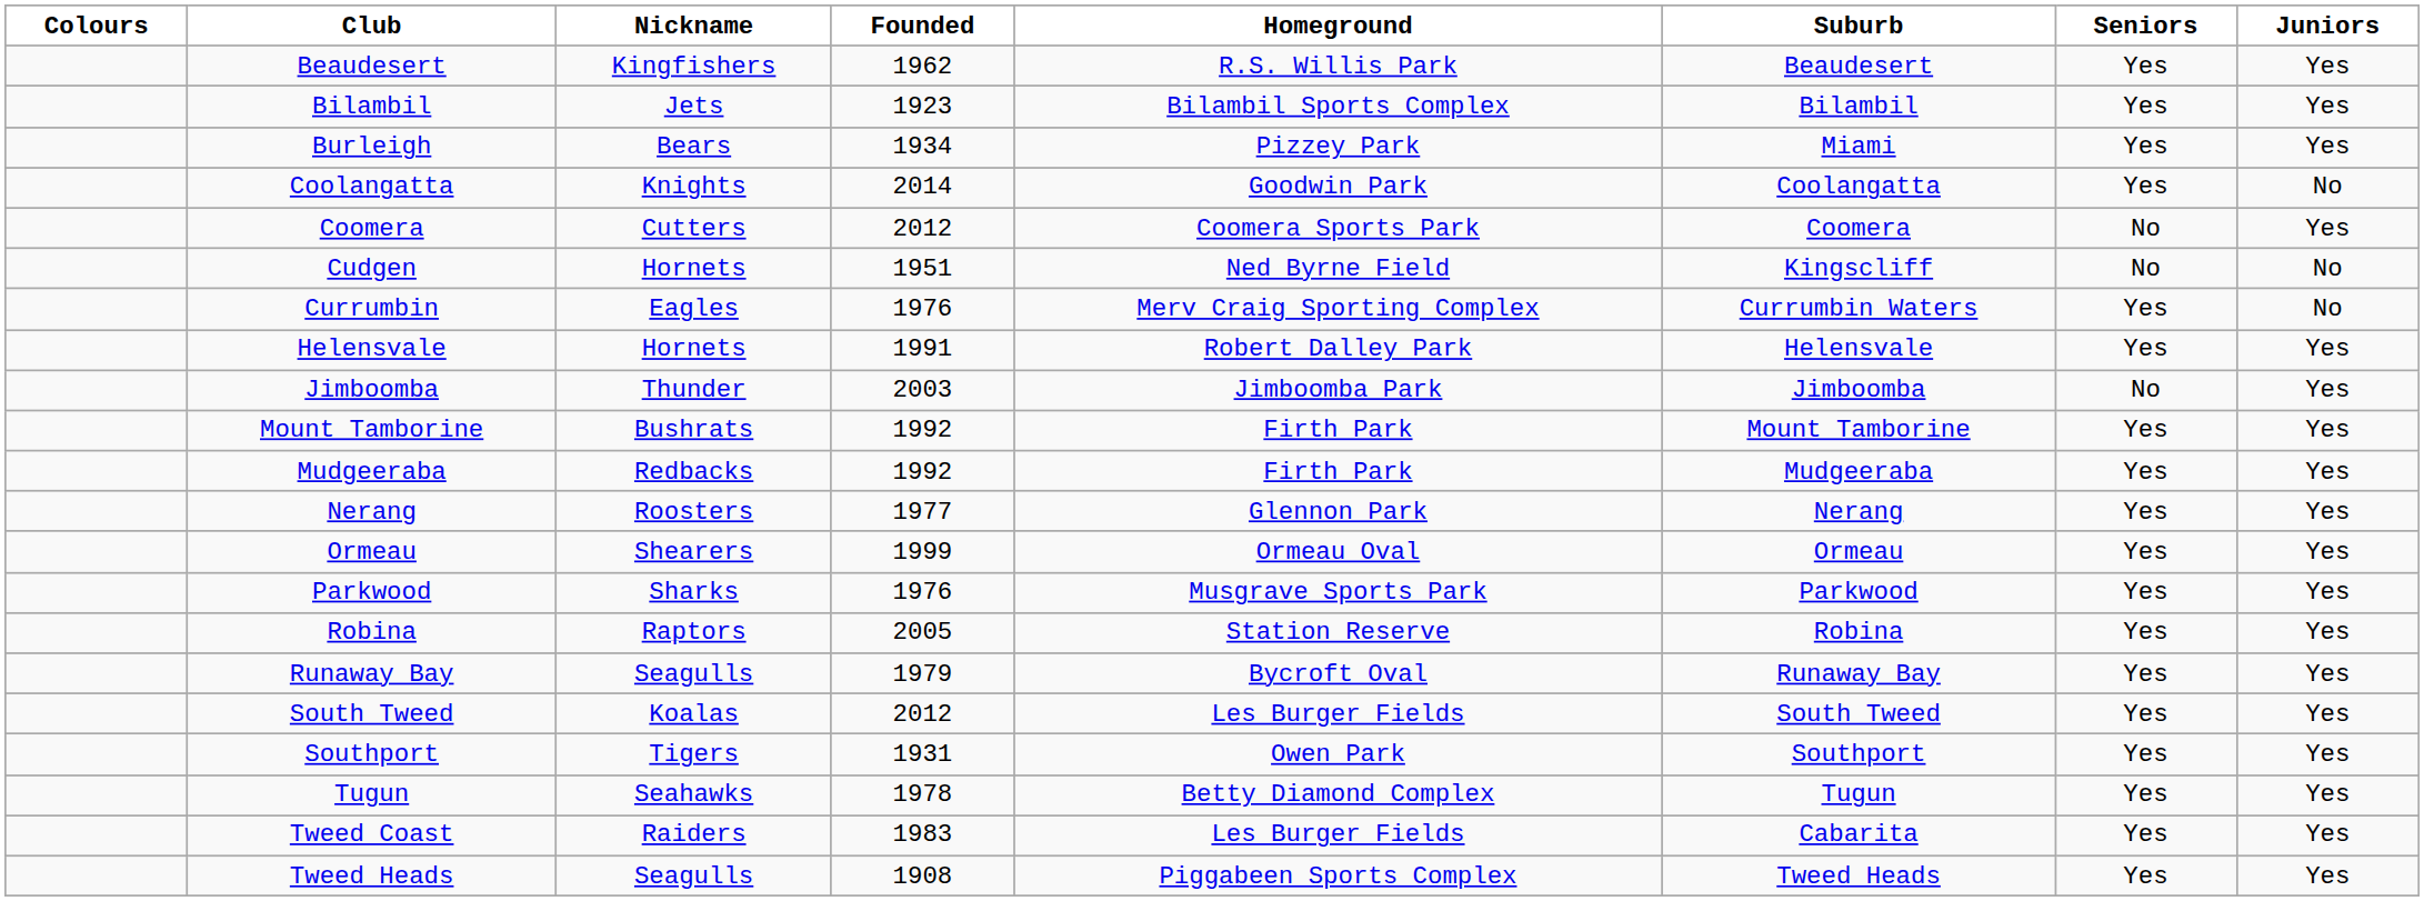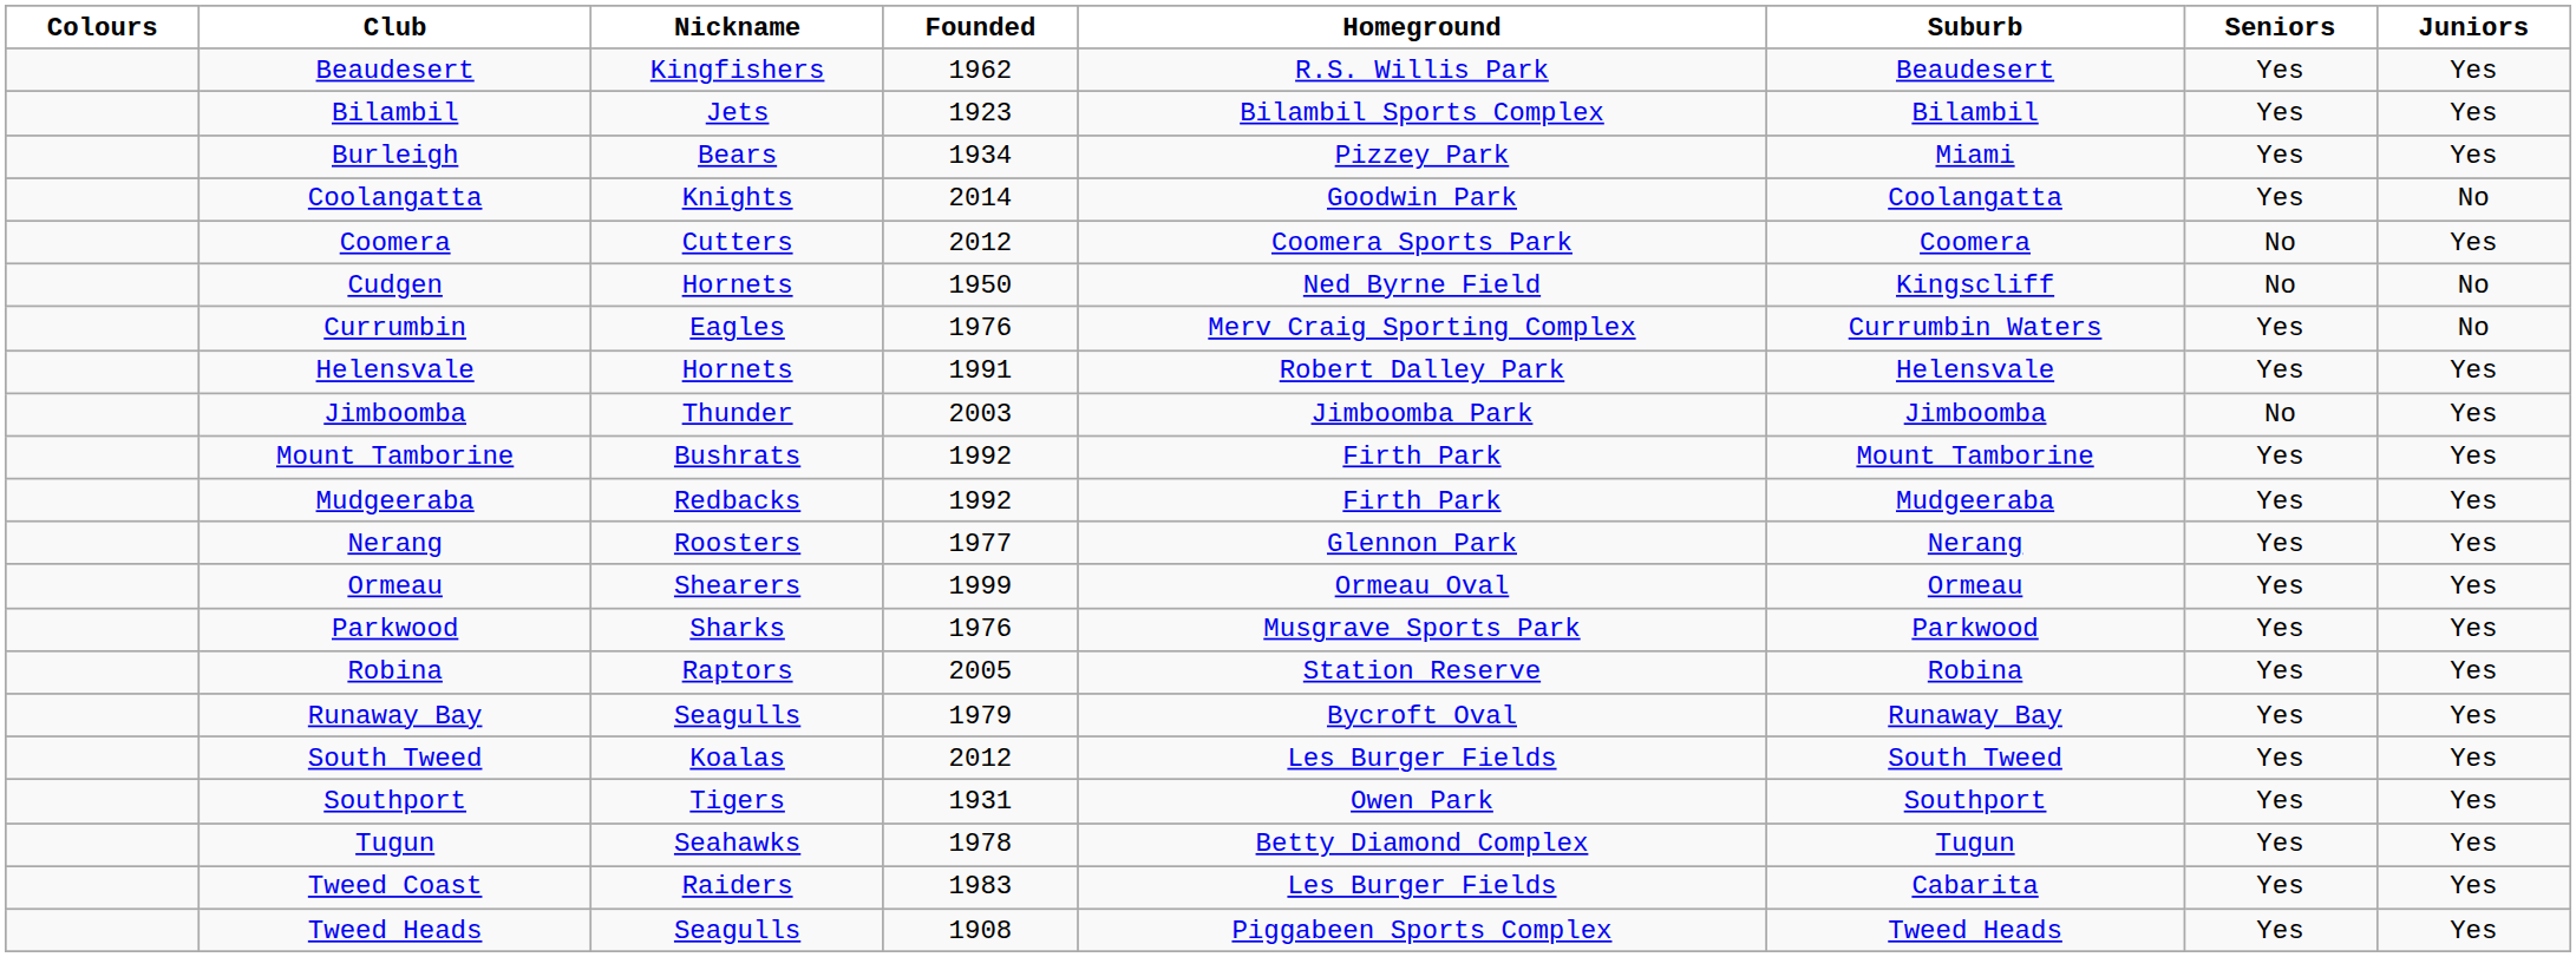 <table class="wikitable" style="width:100%; text-align:center">
 <tr>
 <th style="background:white;">Colours</th>
 <th style="background:white;">Club</th>
 <th style="background:white;">Nickname</th>
 <th style="background:white;">Founded</th>
 <th style="background:white;">Homeground</th>
 <th style="background:white;">Suburb</th>
 <th style="background:white;">Seniors</th>
 <th style="background:white;">Juniors</th>
 </tr>
 <tr>
 <td align=left></td>
 <td><a href='#'>Beaudesert</a></td>
 <td><a href='#'>Kingfishers</a></td>
 <td>1962</td>
 <td><a href='#'>R.S. Willis Park</a></td>
 <td><a href='#'>Beaudesert</a></td>
 <td>Yes</td>
 <td>Yes</td>
 </tr>
 <tr>
 <td align=left></td>
 <td><a href='#'>Bilambil</a></td>
 <td><a href='#'>Jets</a></td>
 <td>1923</td>
 <td><a href='#'>Bilambil Sports Complex</a></td>
 <td><a href='#'>Bilambil</a></td>
 <td>Yes</td>
 <td>Yes</td>
 </tr>
 <tr>
 <td align=left></td>
 <td><a href='#'>Burleigh</a></td>
 <td><a href='#'>Bears</a></td>
 <td>1934</td>
 <td><a href='#'>Pizzey Park</a></td>
 <td><a href='#'>Miami</a></td>
 <td>Yes</td>
 <td>Yes</td>
 </tr>
 <tr>
 <td align=left></td>
 <td><a href='#'>Coolangatta</a></td>
 <td><a href='#'>Knights</a></td>
 <td>2014</td>
 <td><a href='#'>Goodwin Park</a></td>
 <td><a href='#'>Coolangatta</a></td>
 <td>Yes</td>
 <td>No</td>
 </tr>
 <tr>
 <td align=left></td>
 <td><a href='#'>Coomera</a></td>
 <td><a href='#'>Cutters</a></td>
 <td>2012</td>
 <td><a href='#'>Coomera Sports Park</a></td>
 <td><a href='#'>Coomera</a></td>
 <td>No</td>
 <td>Yes</td>
 </tr>
 <tr>
 <td align=left></td>
 <td><a href='#'>Cudgen</a></td>
 <td><a href='#'>Hornets</a></td>
-<td>1951</td>
+<td>1950</td>
 <td><a href='#'>Ned Byrne Field</a></td>
 <td><a href='#'>Kingscliff</a></td>
 <td>No</td>
 <td>No</td>
 </tr>
 <tr>
 <td align=left></td>
 <td><a href='#'>Currumbin</a></td>
 <td><a href='#'>Eagles</a></td>
 <td>1976</td>
 <td><a href='#'>Merv Craig Sporting Complex</a></td>
 <td><a href='#'>Currumbin Waters</a></td>
 <td>Yes</td>
 <td>No</td>
 </tr>
 <tr>
 <td align=left></td>
 <td><a href='#'>Helensvale</a></td>
 <td><a href='#'>Hornets</a></td>
 <td>1991</td>
 <td><a href='#'>Robert Dalley Park</a></td>
 <td><a href='#'>Helensvale</a></td>
 <td>Yes</td>
 <td>Yes</td>
 </tr>
 <tr>
 <td align=left></td>
 <td><a href='#'>Jimboomba</a></td>
 <td><a href='#'>Thunder</a></td>
 <td>2003</td>
 <td><a href='#'>Jimboomba Park</a></td>
 <td><a href='#'>Jimboomba</a></td>
 <td>No</td>
 <td>Yes</td>
 </tr>
 <tr>
 <td align=left></td>
 <td><a href='#'>Mount Tamborine</a></td>
 <td><a href='#'>Bushrats</a></td>
 <td>1992</td>
 <td><a href='#'>Firth Park</a></td>
 <td><a href='#'>Mount Tamborine</a></td>
 <td>Yes</td>
 <td>Yes</td>
 </tr>
 <tr>
 <td align=left></td>
 <td><a href='#'>Mudgeeraba</a></td>
 <td><a href='#'>Redbacks</a></td>
 <td>1992</td>
 <td><a href='#'>Firth Park</a></td>
 <td><a href='#'>Mudgeeraba</a></td>
 <td>Yes</td>
 <td>Yes</td>
 </tr>
 <tr>
 <td align=left></td>
 <td><a href='#'>Nerang</a></td>
 <td><a href='#'>Roosters</a></td>
 <td>1977</td>
 <td><a href='#'>Glennon Park</a></td>
 <td><a href='#'>Nerang</a></td>
 <td>Yes</td>
 <td>Yes</td>
 </tr>
 <tr>
 <td align=left></td>
 <td><a href='#'>Ormeau</a></td>
 <td><a href='#'>Shearers</a></td>
 <td>1999</td>
 <td><a href='#'>Ormeau Oval</a></td>
 <td><a href='#'>Ormeau</a></td>
 <td>Yes</td>
 <td>Yes</td>
 </tr>
 <tr>
 <td align=left></td>
 <td><a href='#'>Parkwood</a></td>
 <td><a href='#'>Sharks</a></td>
 <td>1976</td>
 <td><a href='#'>Musgrave Sports Park</a></td>
 <td><a href='#'>Parkwood</a></td>
 <td>Yes</td>
 <td>Yes</td>
 </tr>
 <tr>
 <td align=left></td>
 <td><a href='#'>Robina</a></td>
 <td><a href='#'>Raptors</a></td>
 <td>2005</td>
 <td><a href='#'>Station Reserve</a></td>
 <td><a href='#'>Robina</a></td>
 <td>Yes</td>
 <td>Yes</td>
 </tr>
 <tr>
 <td align=left></td>
 <td><a href='#'>Runaway Bay</a></td>
 <td><a href='#'>Seagulls</a></td>
 <td>1979</td>
 <td><a href='#'>Bycroft Oval</a></td>
 <td><a href='#'>Runaway Bay</a></td>
 <td>Yes</td>
 <td>Yes</td>
 </tr>
 <tr>
 <td align=left></td>
 <td><a href='#'>South Tweed</a></td>
 <td><a href='#'>Koalas</a></td>
 <td>2012</td>
 <td><a href='#'>Les Burger Fields</a></td>
 <td><a href='#'>South Tweed</a></td>
 <td>Yes</td>
 <td>Yes</td>
 </tr>
 <tr>
 <td align=left></td>
 <td><a href='#'>Southport</a></td>
 <td><a href='#'>Tigers</a></td>
 <td>1931</td>
 <td><a href='#'>Owen Park</a></td>
 <td><a href='#'>Southport</a></td>
 <td>Yes</td>
 <td>Yes</td>
 </tr>
 <tr>
 <td align=left></td>
 <td><a href='#'>Tugun</a></td>
 <td><a href='#'>Seahawks</a></td>
 <td>1978</td>
 <td><a href='#'>Betty Diamond Complex</a></td>
 <td><a href='#'>Tugun</a></td>
 <td>Yes</td>
 <td>Yes</td>
 </tr>
 <tr>
 <td align=left></td>
 <td><a href='#'>Tweed Coast</a></td>
 <td><a href='#'>Raiders</a></td>
 <td>1983</td>
 <td><a href='#'>Les Burger Fields</a></td>
 <td><a href='#'>Cabarita</a></td>
 <td>Yes</td>
 <td>Yes</td>
 </tr>
 <tr>
 <td align=left></td>
 <td><a href='#'>Tweed Heads</a></td>
 <td><a href='#'>Seagulls</a></td>
 <td>1908</td>
 <td><a href='#'>Piggabeen Sports Complex</a></td>
 <td><a href='#'>Tweed Heads</a></td>
 <td>Yes</td>
 <td>Yes</td>
 </tr>
 <tr>
 </tr>
 </table>
